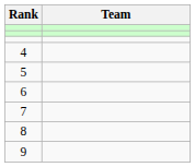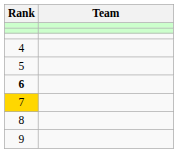 <table class="wikitable" style="text-align: center;">
 <tr>
 <th width=40>Rank</th>
 <th width=180>Team</th>
 </tr>
 <tr align=center; bgcolor=#ccffcc>
 <td></td>
 <td style="text-align:left;"></td>
 </tr>
 <tr align=center; bgcolor=#ccffcc>
 <td></td>
 <td style="text-align:left;"></td>
 </tr>
 <tr align=center>
 <td></td>
 <td style="text-align:left;"></td>
 </tr>
 <tr align=center>
 <td>4</td>
 <td style="text-align:left;"></td>
 </tr>
 <tr align=center>
 <td>5</td>
 <td style="text-align:left;"></td>
 </tr>
 <tr align=center>
-<td>6</td>
+<td><strong>6</strong></td>
 <td style="text-align:left;"></td>
 </tr>
 <tr align=center>
-<td>7</td>
+<td style="background: gold;">7</td>
 <td style="text-align:left;"></td>
 </tr>
 <tr align=center>
 <td>8</td>
 <td style="text-align:left;"></td>
 </tr>
 <tr align=center>
 <td>9</td>
 <td style="text-align:left;"></td>
 </tr>
 </table>
